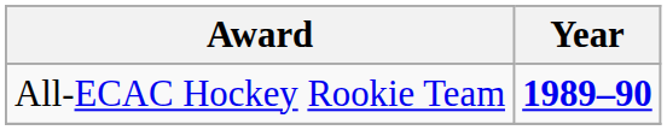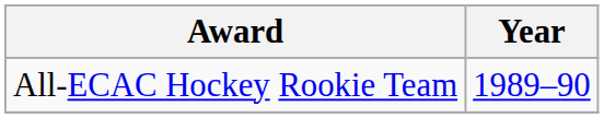 <table class="wikitable">
 <tr>
 <th>Award</th>
 <th>Year</th>
 </tr>
 <tr>
 <td>All-<a href='#'>ECAC Hockey</a> <a href='#'>Rookie Team</a></td>
-<td><strong><a href='#'>1989–90</a></strong></td>
+<td><a href='#'>1989–90</a></td>
 </tr>
 <tr>
 </tr>
 </table>
